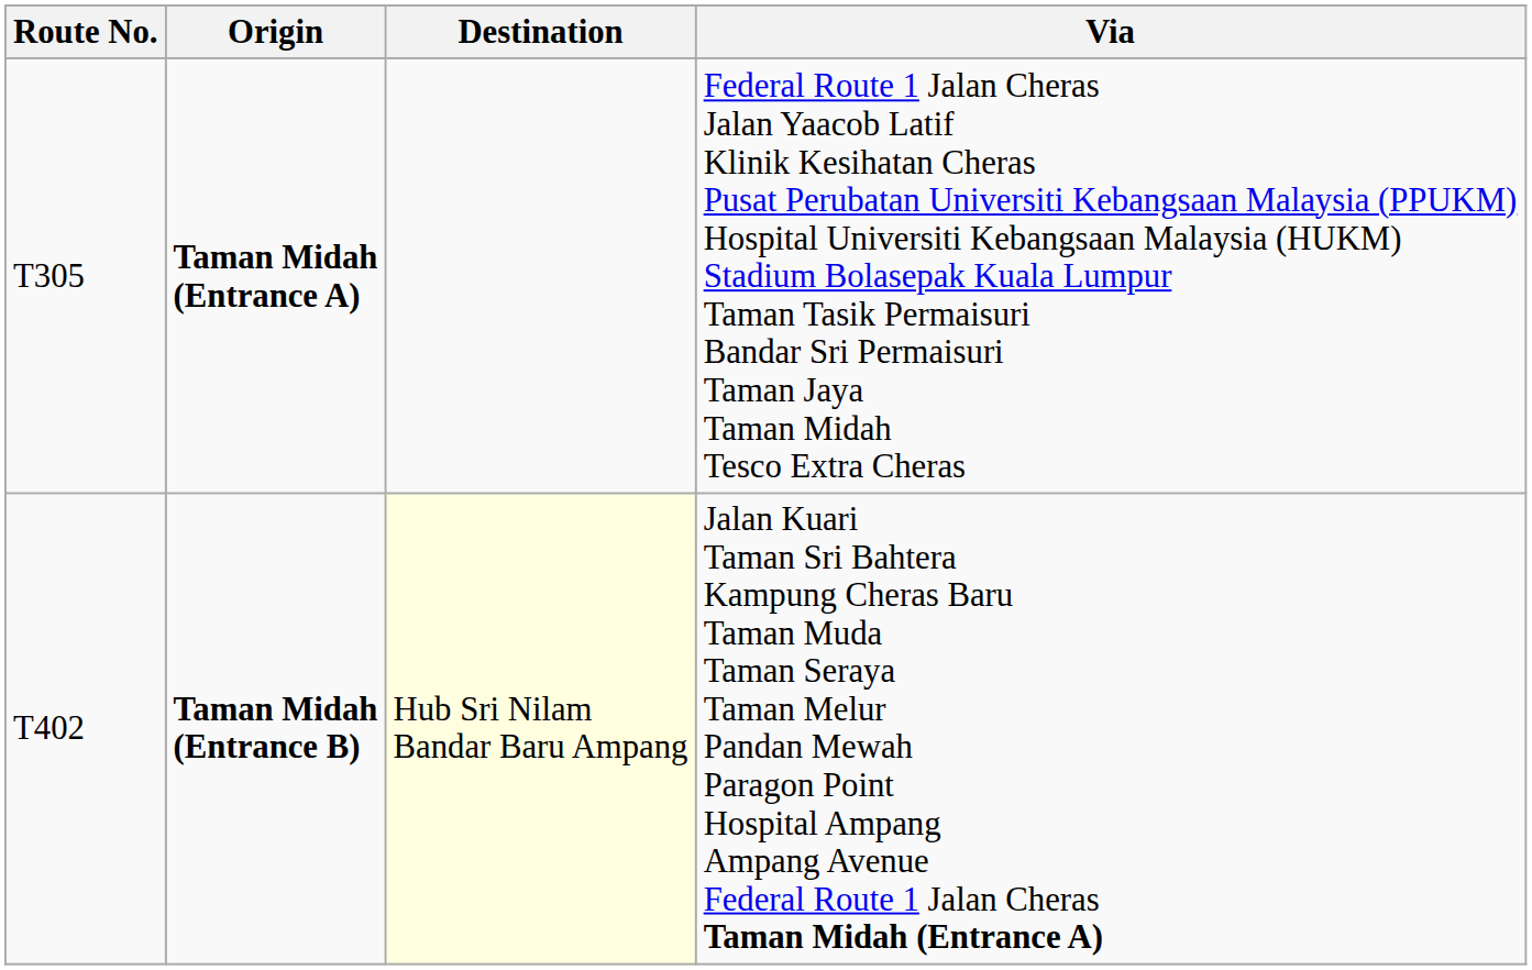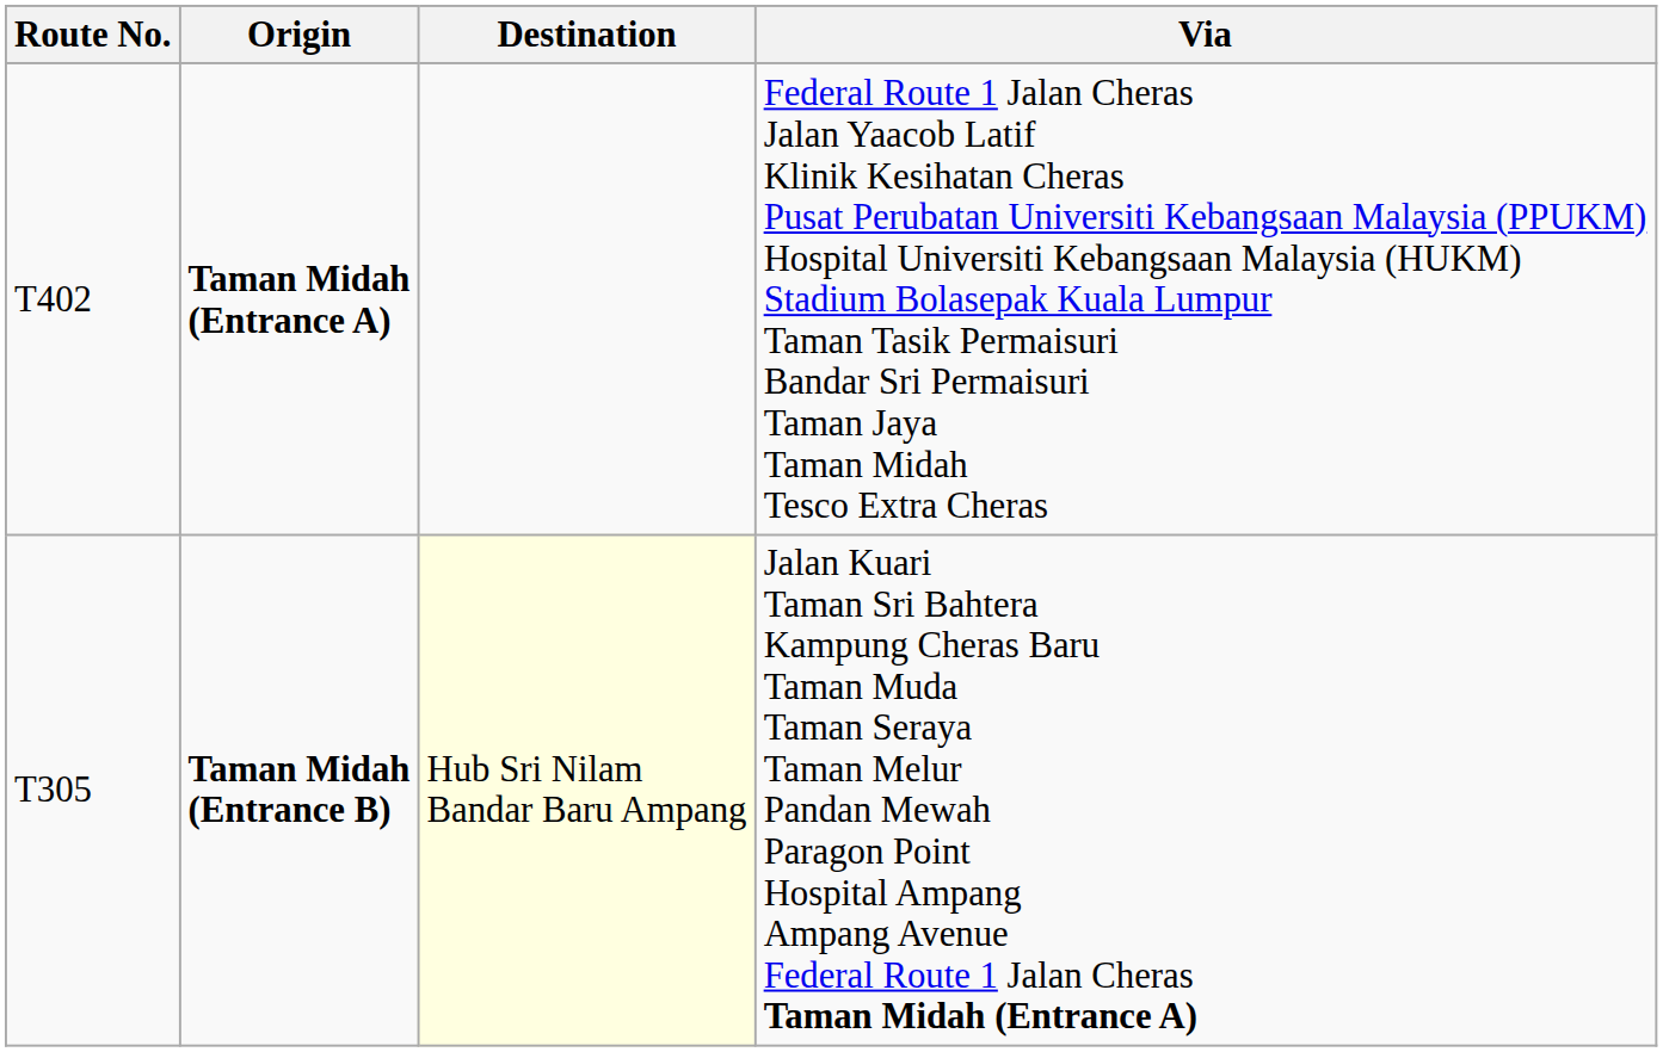 <table class="wikitable">
 <tr>
 <th>Route No.</th>
 <th>Origin</th>
 <th>Destination</th>
 <th>Via</th>
 </tr>
 <tr>
-<td>T305</td>
+<td>T402</td>
 <td> <strong>Taman Midah</strong><br><strong>(Entrance A)</strong></td>
 <td> </td>
 <td><a href='#'>Federal Route 1</a> Jalan Cheras<br>Jalan Yaacob Latif<br> Klinik Kesihatan Cheras<br> <a href='#'>Pusat Perubatan Universiti Kebangsaan Malaysia (PPUKM)</a><br> Hospital Universiti Kebangsaan Malaysia (HUKM)<br> <a href='#'>Stadium Bolasepak Kuala Lumpur</a><br> Taman Tasik Permaisuri<br> Bandar Sri Permaisuri<br> Taman Jaya<br> Taman Midah<br> Tesco Extra Cheras</td>
 </tr>
 <tr>
-<td>T402</td>
+<td>T305</td>
 <td> <strong>Taman Midah</strong><br><strong>(Entrance B)</strong></td>
 <td style="background: lightyellow;">Hub Sri Nilam<br>Bandar Baru Ampang</td>
 <td>Jalan Kuari<br>Taman Sri Bahtera<br> Kampung Cheras Baru<br> Taman Muda<br> Taman Seraya<br> Taman Melur<br> Pandan Mewah<br> Paragon Point<br> Hospital Ampang<br> Ampang Avenue<br> <a href='#'>Federal Route 1</a> Jalan Cheras<br>  <strong>Taman Midah (Entrance A)</strong></td>
 </tr>
 </table>
